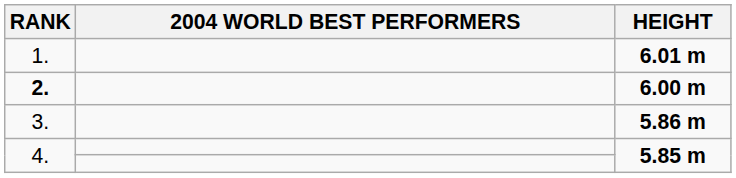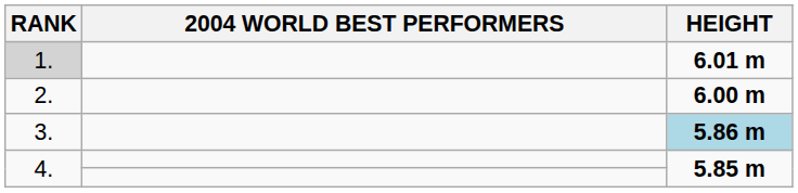 <table class="wikitable" style="border-collapse: collapse; font-size: 90%;">
 <tr>
 <th>RANK</th>
 <th align="center" style="width: 25em">2004 WORLD BEST PERFORMERS</th>
 <th align="center" style="width: 5em">HEIGHT</th>
 </tr>
 <tr>
-<td align="center">1.</td>
+<td align="center" style="background: lightgrey;">1.</td>
 <td></td>
 <td align="center"><strong>6.01 m</strong></td>
 </tr>
 <tr>
-<td align="center"><strong>2.</strong></td>
+<td align="center">2.</td>
 <td></td>
 <td align="center"><strong>6.00 m</strong></td>
 </tr>
 <tr>
 <td align="center">3.</td>
 <td></td>
-<td align="center"><strong>5.86 m</strong></td>
+<td align="center" style="background: lightblue;"><strong>5.86 m</strong></td>
 </tr>
 <tr>
 <td rowspan=2 align="center">4.</td>
 <td></td>
 <td rowspan=2 align="center"><strong>5.85 m</strong></td>
 </tr>
 <tr>
 <td></td>
 </tr>
 </table>
